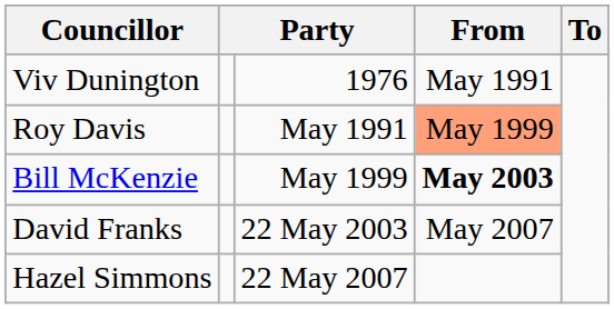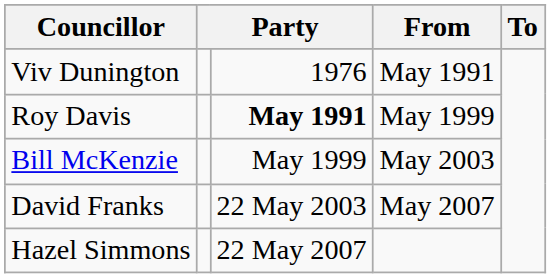 <table class=wikitable>
 <tr>
 <th>Councillor</th>
 <th colspan=2>Party</th>
 <th>From</th>
 <th>To</th>
 </tr>
 <tr>
 <td>Viv Dunington</td>
 <td></td>
 <td align=right>1976</td>
 <td align=right>May 1991</td>
 </tr>
 <tr>
 <td>Roy Davis</td>
 <td></td>
-<td align=right>May 1991</td>
-<td align=right style="background: lightsalmon;">May 1999</td>
+<td align=right><strong>May 1991</strong></td>
+<td align=right>May 1999</td>
 </tr>
 <tr>
 <td><a href='#'>Bill McKenzie</a></td>
 <td></td>
 <td align=right>May 1999</td>
-<td align=right><strong>May 2003</strong></td>
+<td align=right>May 2003</td>
 </tr>
 <tr>
 <td>David Franks</td>
 <td></td>
 <td align=right>22 May 2003</td>
 <td align=right>May 2007</td>
 </tr>
 <tr>
 <td>Hazel Simmons</td>
 <td></td>
 <td align=right>22 May 2007</td>
 <td></td>
 </tr>
 </table>
